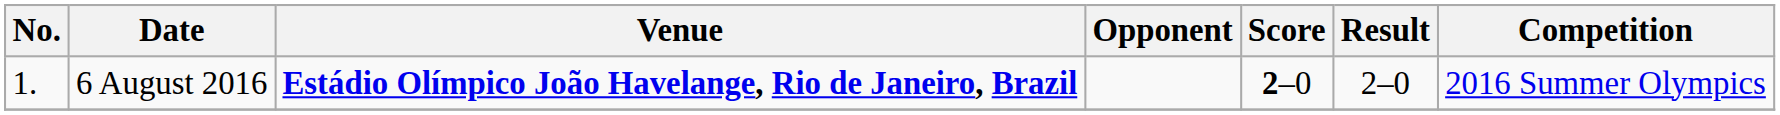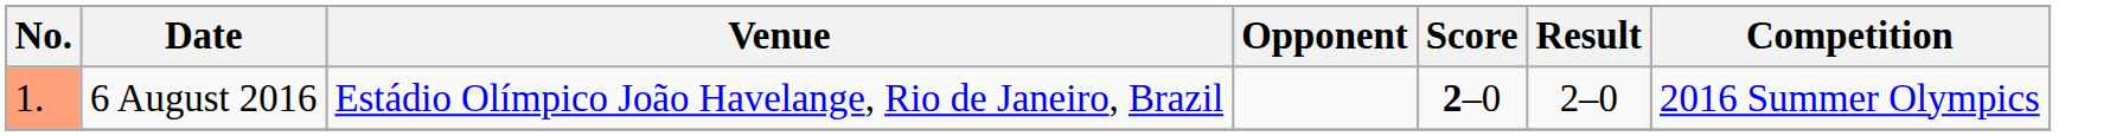 <table class="wikitable">
 <tr>
 <th>No.</th>
 <th>Date</th>
 <th>Venue</th>
 <th>Opponent</th>
 <th>Score</th>
 <th>Result</th>
 <th>Competition</th>
 </tr>
 <tr>
-<td>1.</td>
+<td style="background: lightsalmon;">1.</td>
 <td>6 August 2016</td>
-<td><strong><a href='#'>Estádio Olímpico João Havelange</a>, <a href='#'>Rio de Janeiro</a>, <a href='#'>Brazil</a></strong></td>
+<td><a href='#'>Estádio Olímpico João Havelange</a>, <a href='#'>Rio de Janeiro</a>, <a href='#'>Brazil</a></td>
 <td></td>
 <td align=center><strong>2</strong>–0</td>
 <td align=center>2–0</td>
 <td><a href='#'>2016 Summer Olympics</a></td>
 </tr>
 <tr>
 </tr>
 </table>
